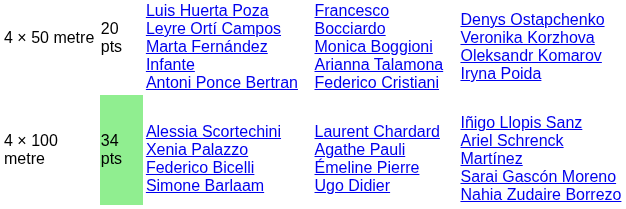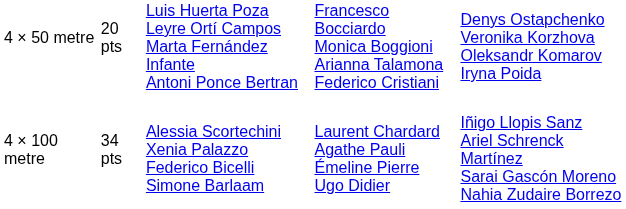 <table>
 <tr>
 <td>4 × 50 metre</td>
 <td>20 pts</td>
 <td><br><a href='#'>Luis Huerta Poza</a><br><a href='#'>Leyre Ortí Campos</a><br><a href='#'>Marta Fernández Infante</a><br><a href='#'>Antoni Ponce Bertran</a></td>
 <td><br><a href='#'>Francesco Bocciardo</a><br><a href='#'>Monica Boggioni</a><br><a href='#'>Arianna Talamona</a><br><a href='#'>Federico Cristiani</a></td>
 <td><br><a href='#'>Denys Ostapchenko</a><br><a href='#'>Veronika Korzhova</a><br><a href='#'>Oleksandr Komarov</a><br><a href='#'>Iryna Poida</a></td>
 </tr>
 <tr>
 <td>4 × 100 metre</td>
-<td style="background: lightgreen;">34 pts</td>
+<td>34 pts</td>
 <td><br><a href='#'>Alessia Scortechini</a><br><a href='#'>Xenia Palazzo</a><br><a href='#'>Federico Bicelli</a><br><a href='#'>Simone Barlaam</a></td>
 <td><br><a href='#'>Laurent Chardard</a><br><a href='#'>Agathe Pauli</a><br><a href='#'>Émeline Pierre</a><br><a href='#'>Ugo Didier</a></td>
 <td><br><a href='#'>Iñigo Llopis Sanz</a><br><a href='#'>Ariel Schrenck Martínez</a><br><a href='#'>Sarai Gascón Moreno</a><br><a href='#'>Nahia Zudaire Borrezo</a></td>
 </tr>
 </table>
